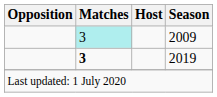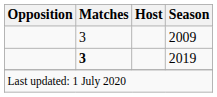 <table class="wikitable plainrowheaders sortable">
 <tr>
 <th scope=col>Opposition</th>
 <th scope=col style="text-align:center">Matches</th>
 <th scope=col>Host</th>
 <th scope=col style="text-align:center">Season</th>
 </tr>
 <tr>
 <td></td>
-<td style="background: paleturquoise;">3</td>
+<td>3</td>
 <td></td>
 <td>2009</td>
 </tr>
 <tr>
 <td></td>
 <td><strong>3</strong></td>
 <td></td>
 <td>2019</td>
 </tr>
 <tr>
 </tr>
 <tr class=sortbottom>
 <td colspan=5><small>Last updated: 1 July 2020</small></td>
 </tr>
 </table>
